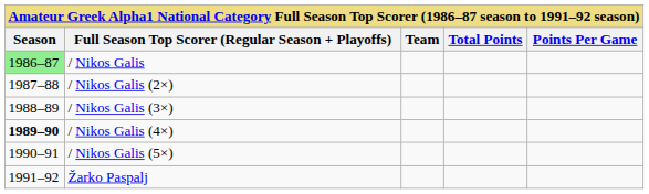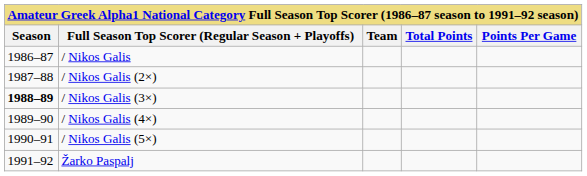 <table class="wikitable"  style="text-align:left;">
 <tr>
 <th colspan="5" style="background-color: #eedd82"><strong><a href='#'>Amateur Greek Alpha1 National Category</a> Full Season Top Scorer (1986–87 season to 1991–92 season)</strong></th>
 </tr>
 <tr>
 <th>Season</th>
 <th><strong>Full Season Top Scorer (Regular Season + Playoffs)</strong></th>
 <th>Team</th>
 <th><a href='#'>Total Points</a></th>
 <th><a href='#'>Points Per Game</a></th>
 </tr>
 <tr>
-<td style="background: lightgreen;">1986–87</td>
+<td>1986–87</td>
 <td>/ <a href='#'>Nikos Galis</a></td>
 <td></td>
 <td></td>
 <td></td>
 </tr>
 <tr>
 <td>1987–88</td>
 <td>/ <a href='#'>Nikos Galis</a> (2×)</td>
 <td></td>
 <td></td>
 <td></td>
 </tr>
 <tr>
-<td>1988–89</td>
+<td><strong>1988–89</strong></td>
 <td>/ <a href='#'>Nikos Galis</a> (3×)</td>
 <td></td>
 <td></td>
 <td></td>
 </tr>
 <tr>
-<td><strong>1989–90</strong></td>
+<td>1989–90</td>
 <td>/ <a href='#'>Nikos Galis</a> (4×)</td>
 <td></td>
 <td></td>
 <td></td>
 </tr>
 <tr>
 <td>1990–91</td>
 <td>/ <a href='#'>Nikos Galis</a> (5×)</td>
 <td></td>
 <td></td>
 <td></td>
 </tr>
 <tr>
 <td>1991–92</td>
 <td> <a href='#'>Žarko Paspalj</a></td>
 <td></td>
 <td></td>
 <td></td>
 </tr>
 </table>
